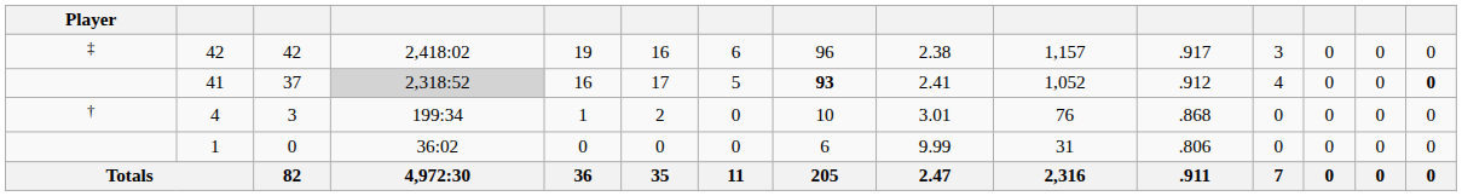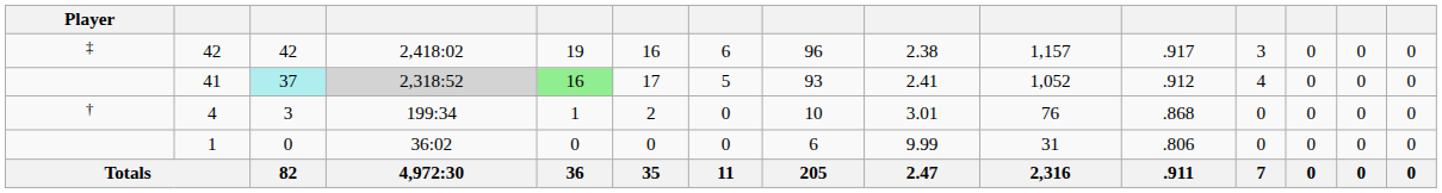 <table class="wikitable sortable" style="width:100%;">
 <tr style="text-align:center; background:#ddd;">
 <th>Player</th>
 <th></th>
 <th></th>
 <th></th>
 <th></th>
 <th></th>
 <th></th>
 <th></th>
 <th></th>
 <th></th>
 <th></th>
 <th></th>
 <th></th>
 <th></th>
 <th></th>
 </tr>
 <tr align=center>
 <td style=white-space:nowrap><sup>‡</sup></td>
 <td>42</td>
 <td>42</td>
 <td>2,418:02</td>
 <td>19</td>
 <td>16</td>
 <td>6</td>
 <td>96</td>
 <td>2.38</td>
 <td>1,157</td>
 <td>.917</td>
 <td>3</td>
 <td>0</td>
 <td>0</td>
 <td>0</td>
 </tr>
 <tr align=center>
 <td style=white-space:nowrap></td>
 <td>41</td>
-<td>37</td>
+<td style="background: paleturquoise;">37</td>
 <td style="background: lightgrey;">2,318:52</td>
-<td>16</td>
+<td style="background: lightgreen;">16</td>
 <td>17</td>
 <td>5</td>
-<td><strong>93</strong></td>
+<td>93</td>
 <td>2.41</td>
 <td>1,052</td>
 <td>.912</td>
 <td>4</td>
 <td>0</td>
 <td>0</td>
-<td><strong>0</strong></td>
+<td>0</td>
 </tr>
 <tr align=center>
 <td style=white-space:nowrap><sup>†</sup></td>
 <td>4</td>
 <td>3</td>
 <td>199:34</td>
 <td>1</td>
 <td>2</td>
 <td>0</td>
 <td>10</td>
 <td>3.01</td>
 <td>76</td>
 <td>.868</td>
 <td>0</td>
 <td>0</td>
 <td>0</td>
 <td>0</td>
 </tr>
 <tr align=center>
 <td style=white-space:nowrap></td>
 <td>1</td>
 <td>0</td>
 <td>36:02</td>
 <td>0</td>
 <td>0</td>
 <td>0</td>
 <td>6</td>
 <td>9.99</td>
 <td>31</td>
 <td>.806</td>
 <td>0</td>
 <td>0</td>
 <td>0</td>
 <td>0</td>
 </tr>
 <tr class="unsortable">
 <th colspan=2>Totals</th>
 <th>82</th>
 <th>4,972:30</th>
 <th>36</th>
 <th>35</th>
 <th>11</th>
 <th>205</th>
 <th>2.47</th>
 <th>2,316</th>
 <th>.911</th>
 <th>7</th>
 <th>0</th>
 <th>0</th>
 <th>0</th>
 </tr>
 </table>
